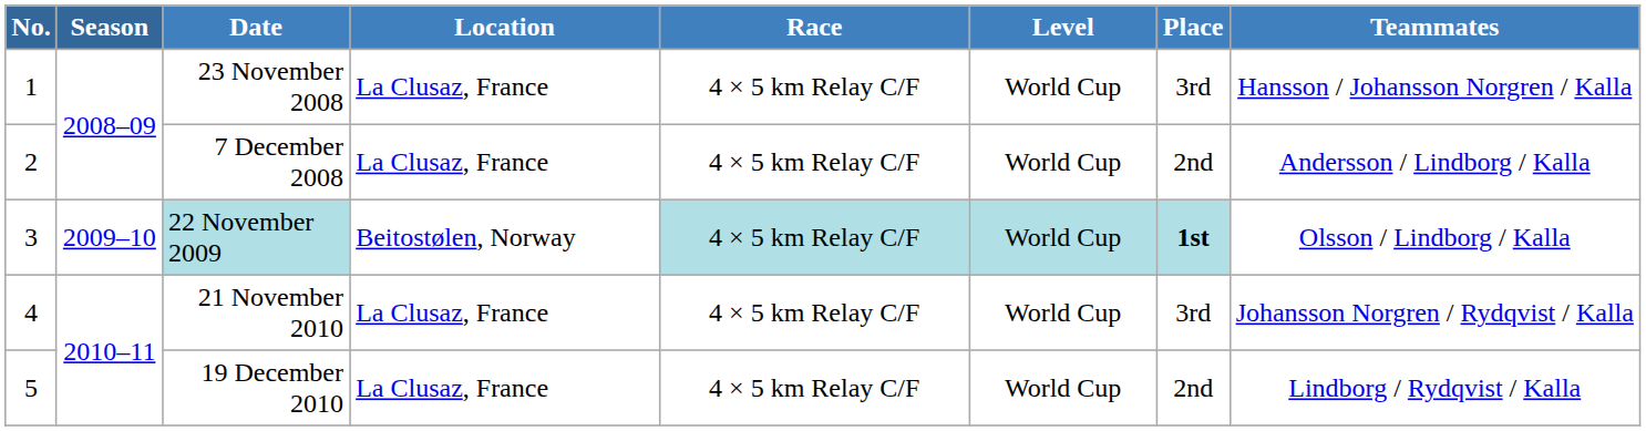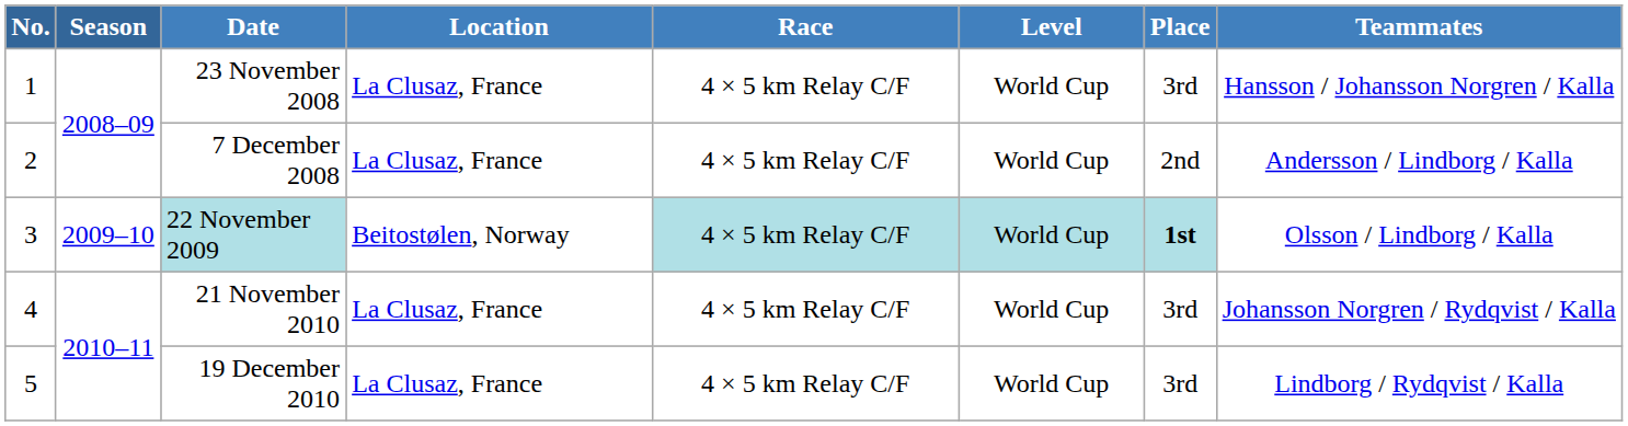 <table class="wikitable sortable" style="font-size:95%; text-align:center; border:grey solid 1px; border-collapse:collapse; background:#ffffff;">
 <tr style="background:#efefef;">
 <th style="background-color:#369; color:white;">No.</th>
 <th style="background-color:#369; color:white;">Season</th>
 <th style="background-color:#4180be; color:white; width:100px;">Date</th>
 <th style="background-color:#4180be; color:white; width:170px;">Location</th>
 <th style="background-color:#4180be; color:white; width:170px;">Race</th>
 <th style="background-color:#4180be; color:white; width:100px;">Level</th>
 <th style="background-color:#4180be; color:white;">Place</th>
 <th style="background-color:#4180be; color:white;">Teammates</th>
 </tr>
 <tr>
 <td align=center>1</td>
 <td rowspan=2 align=center><a href='#'>2008–09</a></td>
 <td align=right>23 November 2008</td>
 <td align=left> <a href='#'>La Clusaz</a>, France</td>
 <td>4 × 5 km Relay C/F</td>
 <td>World Cup</td>
 <td>3rd</td>
 <td><a href='#'>Hansson</a> / <a href='#'>Johansson Norgren</a> / <a href='#'>Kalla</a></td>
 </tr>
 <tr>
 <td align=center>2</td>
 <td align=right>7 December 2008</td>
 <td align=left> <a href='#'>La Clusaz</a>, France</td>
 <td>4 × 5 km Relay C/F</td>
 <td>World Cup</td>
 <td>2nd</td>
 <td><a href='#'>Andersson</a> / <a href='#'>Lindborg</a> / <a href='#'>Kalla</a></td>
 </tr>
 <tr>
 <td align=center>3</td>
 <td><a href='#'>2009–10</a></td>
 <td align=left bgcolor="#BOEOE6" align=right>22 November 2009</td>
 <td align=left> <a href='#'>Beitostølen</a>, Norway</td>
 <td bgcolor="#BOEOE6" align=center>4 × 5 km Relay C/F</td>
 <td bgcolor="#BOEOE6">World Cup</td>
 <td bgcolor="#BOEOE6"><strong>1st</strong></td>
 <td><a href='#'>Olsson</a> / <a href='#'>Lindborg</a> / <a href='#'>Kalla</a></td>
 </tr>
 <tr>
 <td align=center>4</td>
 <td rowspan=2 align=center><a href='#'>2010–11</a></td>
 <td align=right>21 November 2010</td>
 <td align=left> <a href='#'>La Clusaz</a>, France</td>
 <td>4 × 5 km Relay C/F</td>
 <td>World Cup</td>
 <td>3rd</td>
 <td><a href='#'>Johansson Norgren</a> / <a href='#'>Rydqvist</a> / <a href='#'>Kalla</a></td>
 </tr>
 <tr>
 <td align=center>5</td>
 <td align=right>19 December 2010</td>
 <td align=left> <a href='#'>La Clusaz</a>, France</td>
 <td>4 × 5 km Relay C/F</td>
 <td>World Cup</td>
-<td>2nd</td>
+<td>3rd</td>
 <td><a href='#'>Lindborg</a> / <a href='#'>Rydqvist</a> / <a href='#'>Kalla</a></td>
 </tr>
 </table>
